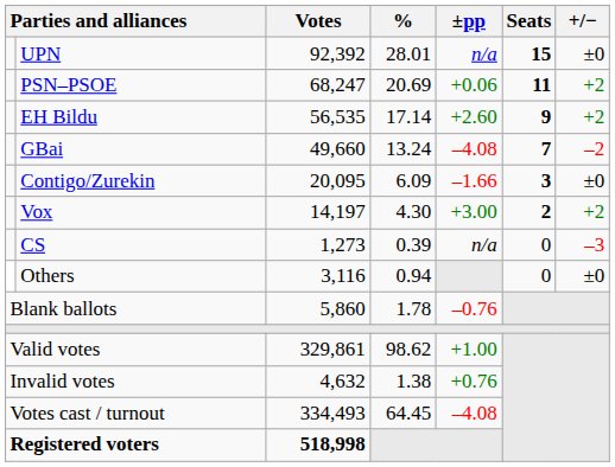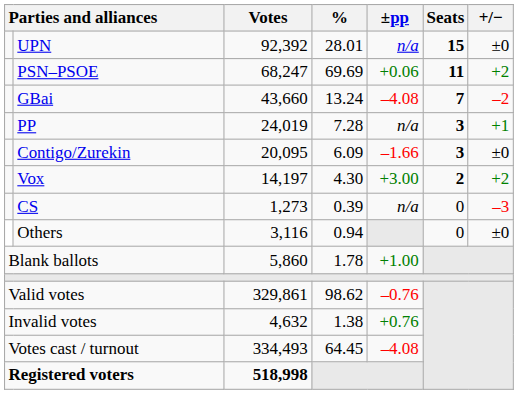 <table class="wikitable" style="text-align:right;">
 <tr>
 <th style="text-align:left;" colspan="2" width="200">Parties and alliances</th>
 <th width="75">Votes</th>
 <th width="45">%</th>
 <th width="45">±<a href='#'>pp</a></th>
 <th width="35">Seats</th>
 <th width="35">+/−</th>
 </tr>
 <tr>
 <td width="1" style="color:inherit;background:"></td>
 <td align="left"><a href='#'>UPN</a></td>
 <td>92,392</td>
 <td>28.01</td>
 <td><em><a href='#'>n/a</a></em></td>
 <td><strong>15</strong></td>
 <td>±0</td>
 </tr>
 <tr>
 <td style="color:inherit;background:"></td>
 <td align="left"><a href='#'>PSN–PSOE</a></td>
 <td>68,247</td>
-<td>20.69</td>
+<td>69.69</td>
 <td style="color:green;">+0.06</td>
 <td><strong>11</strong></td>
 <td style="color:green;">+2</td>
 </tr>
 <tr>
 <td style="color:inherit;background:"></td>
-<td align="left"><a href='#'>EH Bildu</a></td>
-<td>56,535</td>
-<td>17.14</td>
-<td style="color:green;">+2.60</td>
-<td><strong>9</strong></td>
-<td style="color:green;">+2</td>
-</tr>
-<tr>
-<td style="color:inherit;background:"></td>
 <td align="left"><a href='#'>GBai</a></td>
-<td>49,660</td>
+<td>43,660</td>
 <td>13.24</td>
 <td style="color:red;">–4.08</td>
 <td><strong>7</strong></td>
 <td style="color:red;">–2</td>
+</tr>
+<tr>
+<td style="color:inherit;background:"></td>
+<td align="left"><a href='#'>PP</a></td>
+<td>24,019</td>
+<td>7.28</td>
+<td><em>n/a</em></td>
+<td><strong>3</strong></td>
+<td style="color:green;">+1</td>
 </tr>
 <tr>
 <td style="color:inherit;background:"></td>
 <td align="left"><a href='#'>Contigo/Zurekin</a></td>
 <td>20,095</td>
 <td>6.09</td>
 <td style="color:red;">–1.66</td>
 <td><strong>3</strong></td>
 <td>±0</td>
 </tr>
 <tr>
 <td style="color:inherit;background:"></td>
 <td align="left"><a href='#'>Vox</a></td>
 <td>14,197</td>
 <td>4.30</td>
 <td style="color:green;">+3.00</td>
 <td><strong>2</strong></td>
 <td style="color:green;">+2</td>
 </tr>
 <tr>
 <td style="color:inherit;background:"></td>
 <td align="left"><a href='#'>CS</a></td>
 <td>1,273</td>
 <td>0.39</td>
 <td><em>n/a</em></td>
 <td>0</td>
 <td style="color:red;">–3</td>
 </tr>
 <tr>
 <td bgcolor="white"></td>
 <td align="left">Others</td>
 <td>3,116</td>
 <td>0.94</td>
 <td bgcolor="#E9E9E9"></td>
 <td>0</td>
 <td>±0</td>
 </tr>
 <tr>
 <td align="left" colspan="2">Blank ballots</td>
 <td>5,860</td>
 <td>1.78</td>
-<td style="color:red;">–0.76</td>
+<td style="color:green;">+1.00</td>
 <td bgcolor="#E9E9E9" colspan="2"></td>
 </tr>
 <tr>
 <td colspan="7" bgcolor="#E9E9E9"></td>
 </tr>
 <tr>
 <td align="left" colspan="2">Valid votes</td>
 <td>329,861</td>
 <td>98.62</td>
-<td style="color:green;">+1.00</td>
+<td style="color:red;">–0.76</td>
 <td bgcolor="#E9E9E9" colspan="2" rowspan="4"></td>
 </tr>
 <tr>
 <td align="left" colspan="2">Invalid votes</td>
 <td>4,632</td>
 <td>1.38</td>
 <td style="color:green;">+0.76</td>
 </tr>
 <tr>
 <td align="left" colspan="2">Votes cast / turnout</td>
 <td>334,493</td>
 <td>64.45</td>
 <td style="color:red;">–4.08</td>
 </tr>
 <tr style="font-weight:bold;">
 <td align="left" colspan="2">Registered voters</td>
 <td>518,998</td>
 <td bgcolor="#E9E9E9" colspan="2"></td>
 </tr>
 </table>
